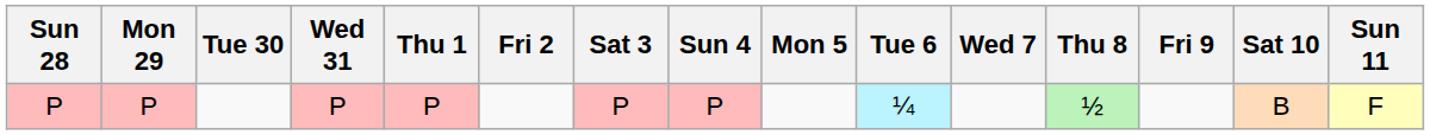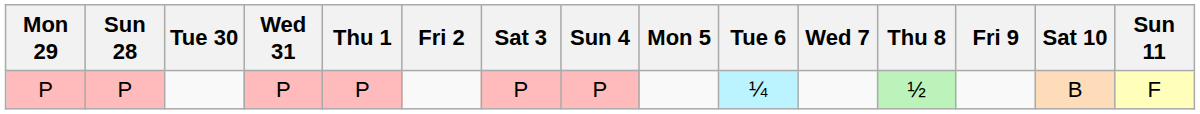 <table class="wikitable" style="margin:0.5em auto; font-size:90%; line-height:1.25em; text-align:center">
 <tr>
+<th width="45">Mon 29</th>
 <th width="45">Sun 28</th>
-<th width="45">Mon 29</th>
 <th width="45">Tue 30</th>
 <th width="45">Wed 31</th>
 <th width="45">Thu 1</th>
 <th width="45">Fri 2</th>
 <th width="45">Sat 3</th>
 <th width="45">Sun 4</th>
 <th width="45">Mon 5</th>
 <th width="45">Tue 6</th>
 <th width="45">Wed 7</th>
 <th width="45">Thu 8</th>
 <th width="45">Fri 9</th>
 <th width="45">Sat 10</th>
 <th width="45">Sun 11</th>
 </tr>
 <tr>
 <td bgcolor="#FFBBBB">P</td>
 <td bgcolor="#FFBBBB">P</td>
 <td></td>
 <td bgcolor="#FFBBBB">P</td>
 <td bgcolor="#FFBBBB">P</td>
 <td></td>
 <td bgcolor="#FFBBBB">P</td>
 <td bgcolor="#FFBBBB">P</td>
 <td></td>
 <td bgcolor="#BBF3FF">¼</td>
 <td></td>
 <td bgcolor="#BBF3BB">½</td>
 <td></td>
 <td bgcolor="#FEDCBA">B</td>
 <td bgcolor="#FFFFBB">F</td>
 </tr>
 </table>
